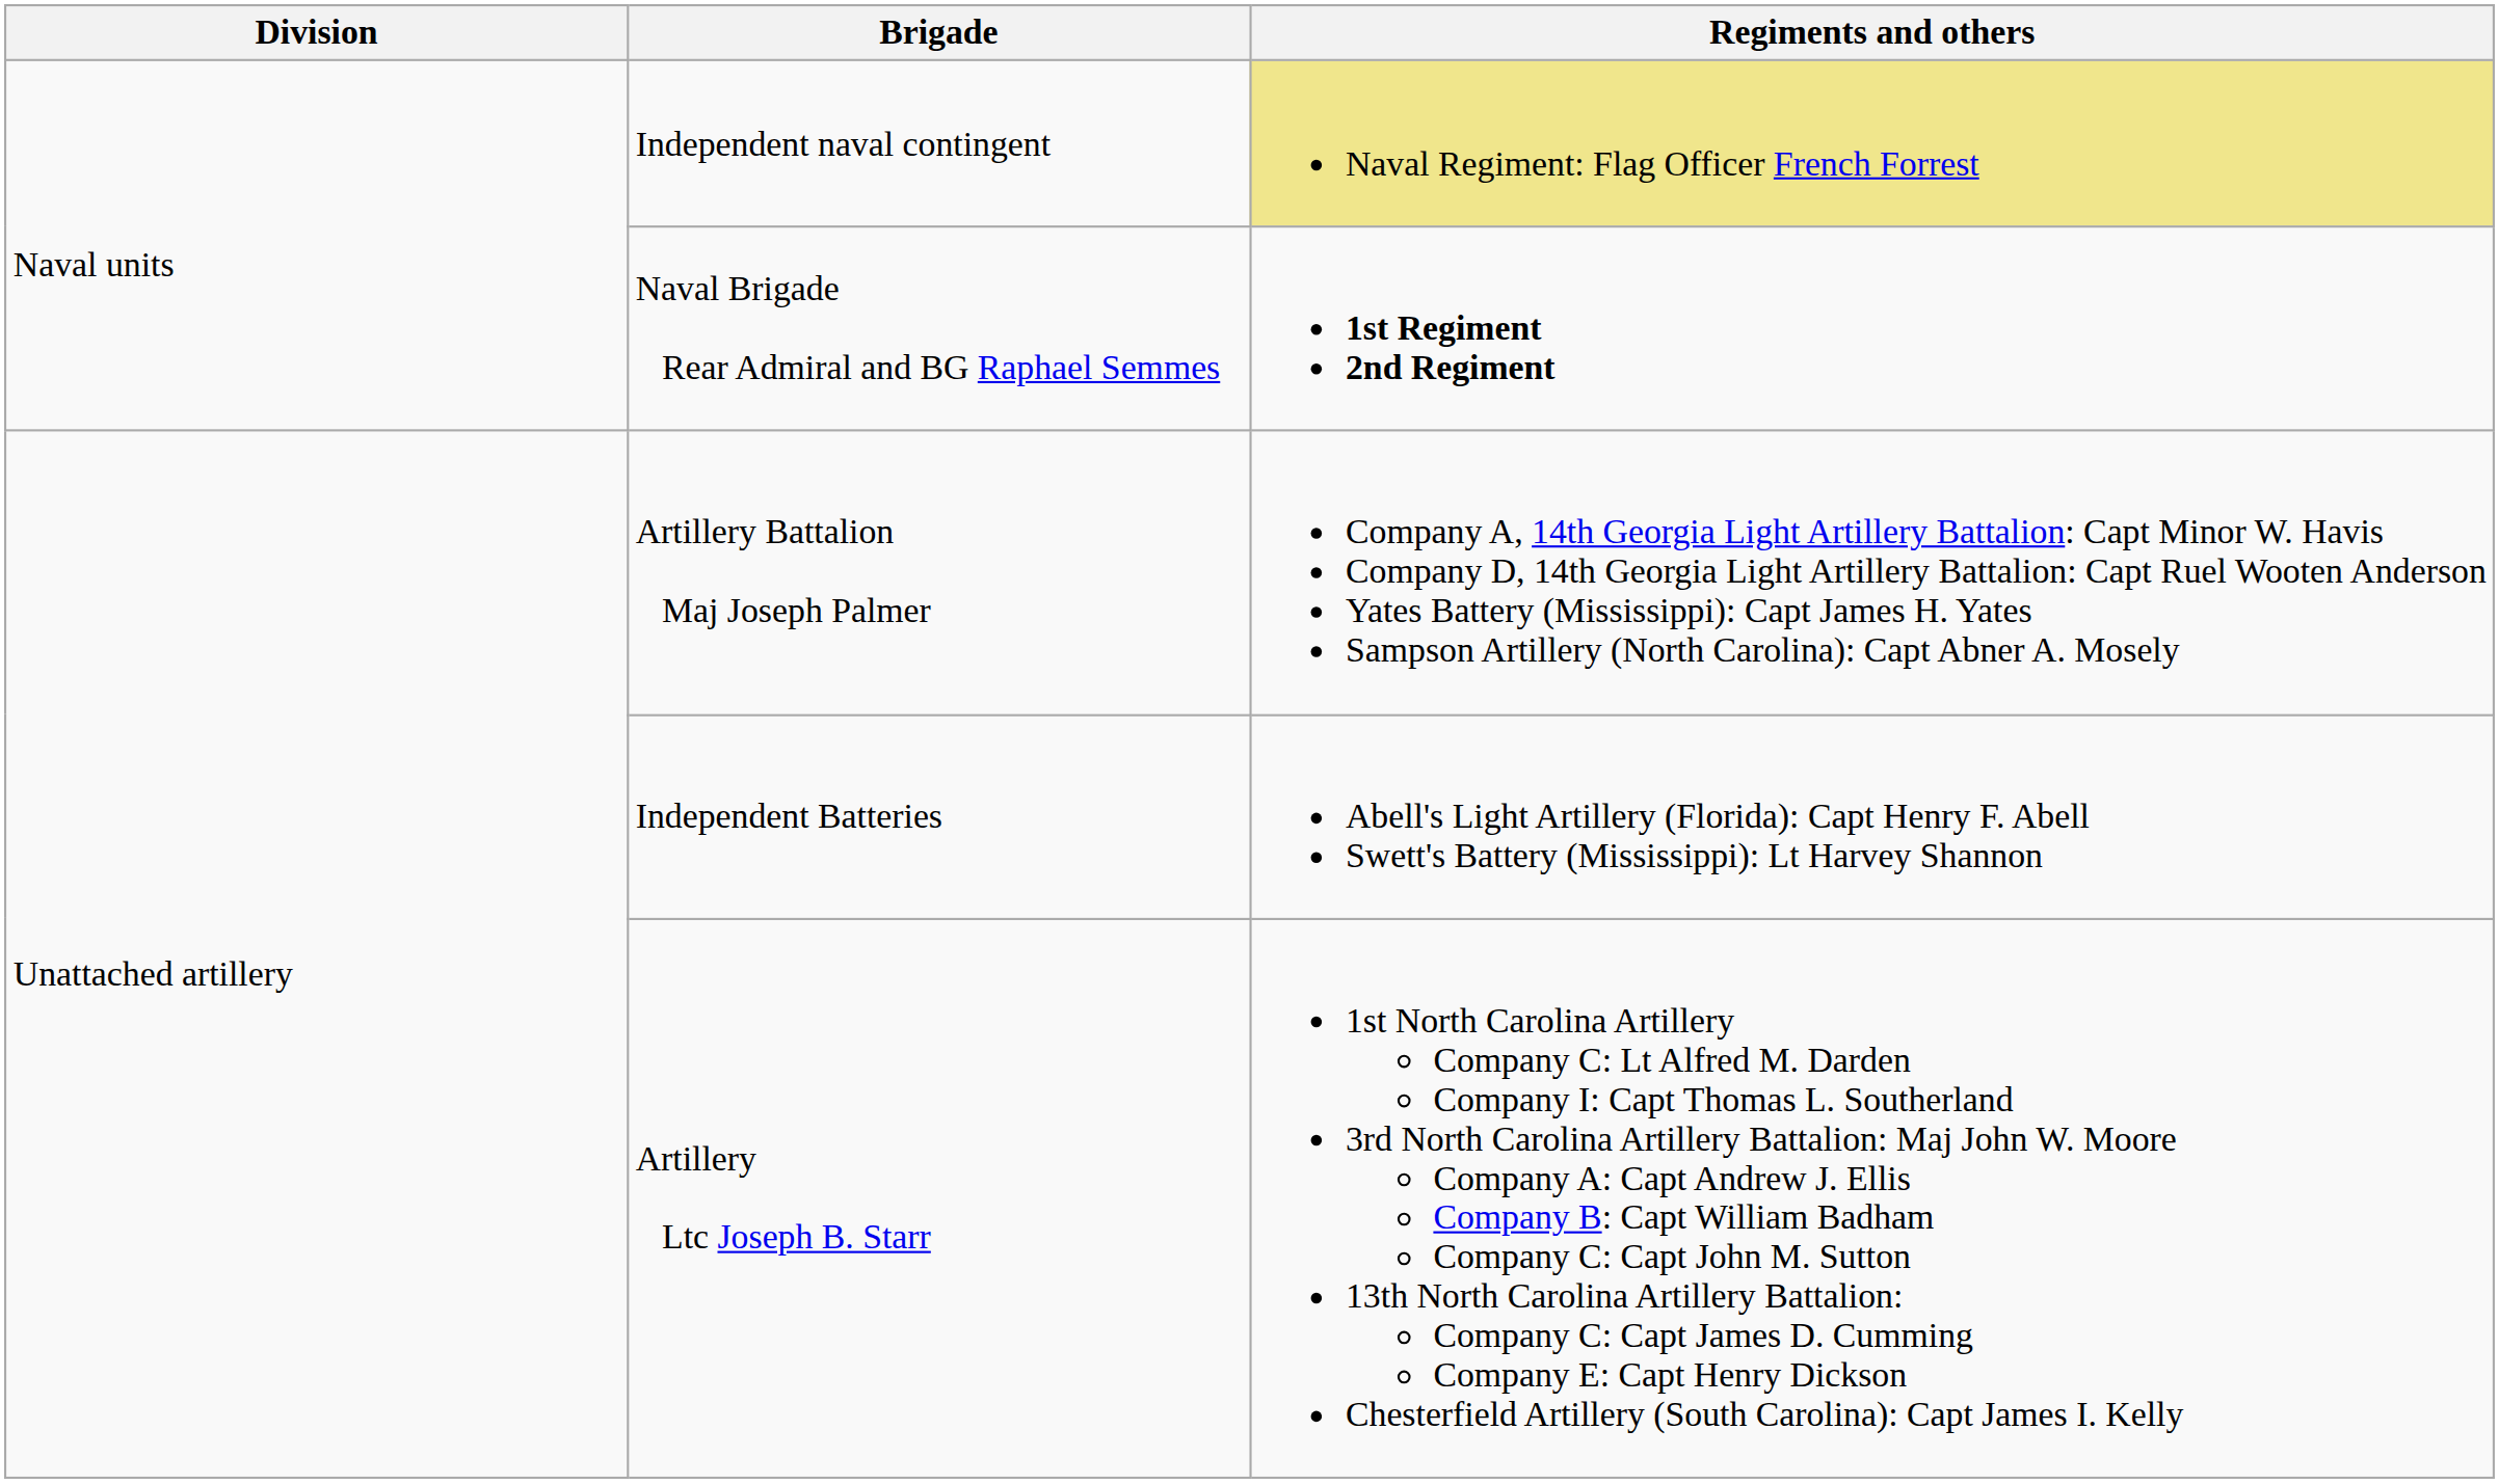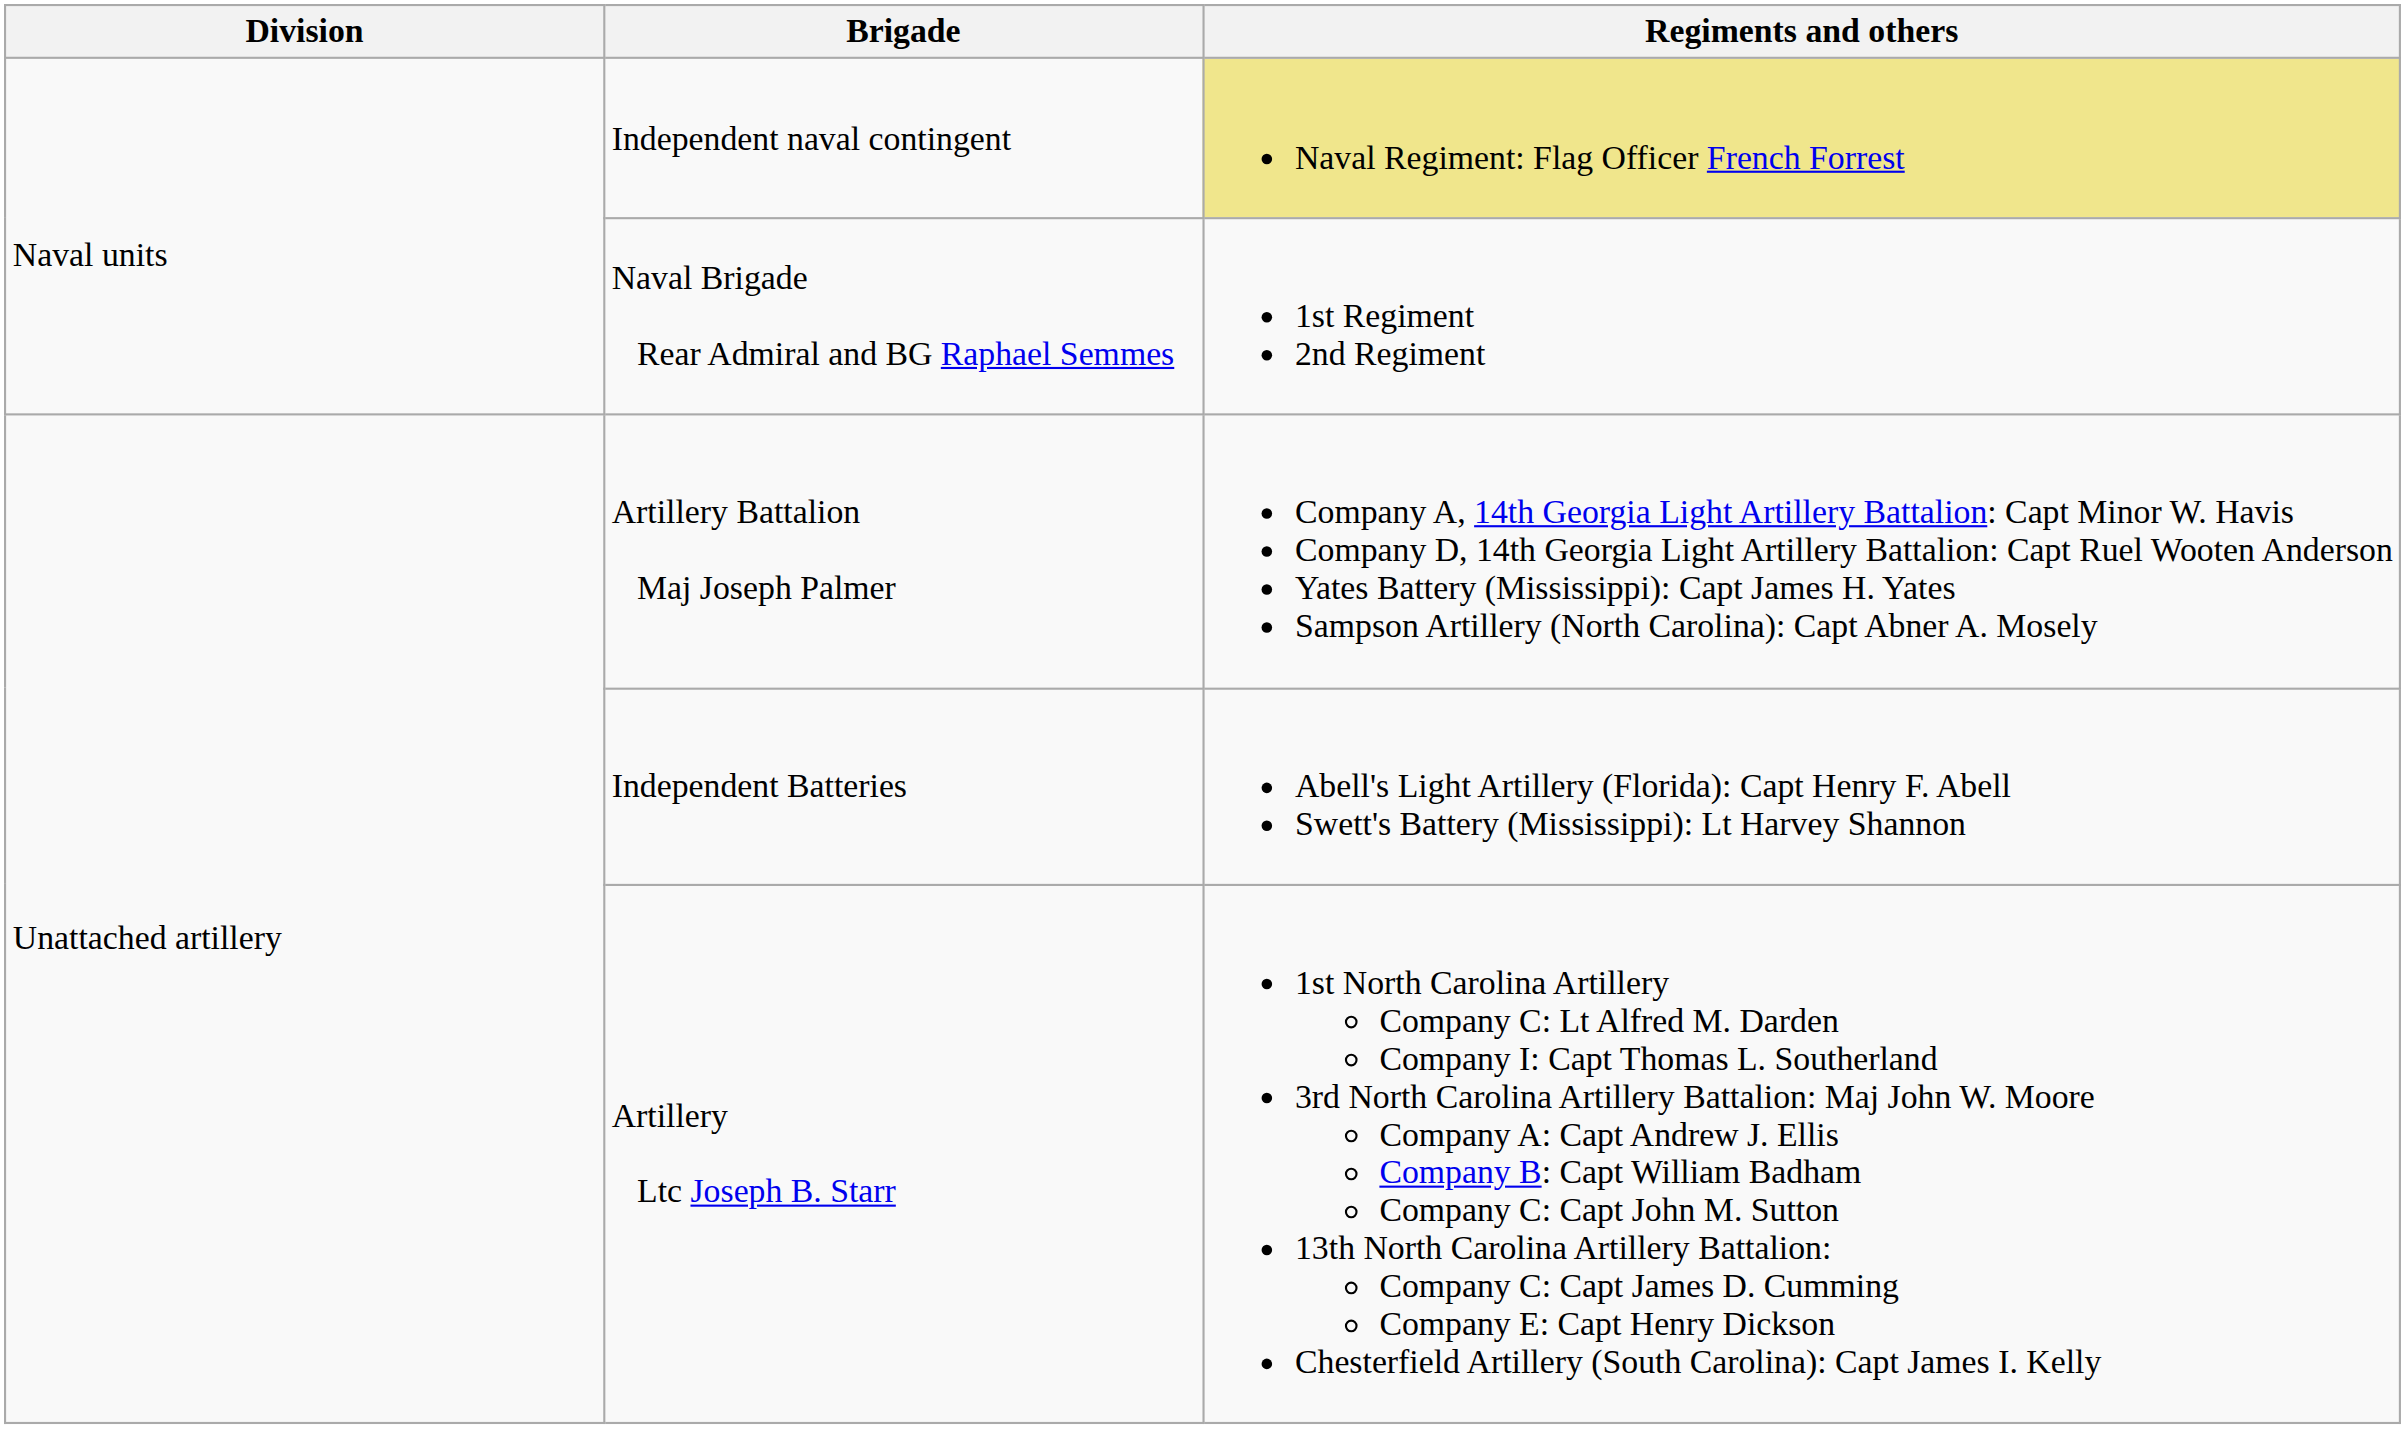 <table class="wikitable">
 <tr>
 <th width=25%>Division</th>
 <th width=25%>Brigade</th>
 <th>Regiments and others</th>
 </tr>
 <tr>
 <td rowspan=2><br>Naval units</td>
 <td>Independent naval contingent</td>
 <td style="background: khaki;"><br><ul><li>Naval Regiment: Flag Officer <a href='#'>French Forrest</a></li></ul></td>
 </tr>
 <tr>
 <td>Naval Brigade<br><br>   Rear Admiral and BG <a href='#'>Raphael Semmes</a></td>
-<td><strong><br><ul><li>1st Regiment</li><li>2nd Regiment</li></ul></strong></td>
+<td><br><ul><li>1st Regiment</li><li>2nd Regiment</li></ul></td>
 </tr>
 <tr>
 <td rowspan=3><br>Unattached artillery</td>
 <td>Artillery Battalion<br><br>   Maj Joseph Palmer</td>
 <td><br><ul><li>Company A, <a href='#'>14th Georgia Light Artillery Battalion</a>: Capt Minor W. Havis</li><li>Company D, 14th Georgia Light Artillery Battalion: Capt Ruel Wooten Anderson</li><li>Yates Battery (Mississippi): Capt James H. Yates</li><li>Sampson Artillery (North Carolina): Capt Abner A. Mosely</li></ul></td>
 </tr>
 <tr>
 <td>Independent Batteries</td>
 <td><br><ul><li>Abell's Light Artillery (Florida): Capt Henry F. Abell</li><li>Swett's Battery (Mississippi): Lt Harvey Shannon</li></ul></td>
 </tr>
 <tr>
 <td>Artillery<br><br>   Ltc <a href='#'>Joseph B. Starr</a></td>
 <td><br><ul><li>1st North Carolina Artillery<ul><li>Company C: Lt Alfred M. Darden</li><li>Company I: Capt Thomas L. Southerland</li></ul></li><li>3rd North Carolina Artillery Battalion: Maj John W. Moore<ul><li>Company A: Capt Andrew J. Ellis</li><li><a href='#'>Company B</a>: Capt William Badham</li><li>Company C: Capt John M. Sutton</li></ul></li><li>13th North Carolina Artillery Battalion:<ul><li>Company C: Capt James D. Cumming</li><li>Company E: Capt Henry Dickson</li></ul></li><li>Chesterfield Artillery (South Carolina): Capt James I. Kelly</li></ul></td>
 </tr>
 </table>
